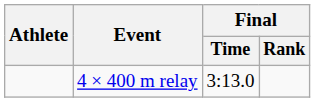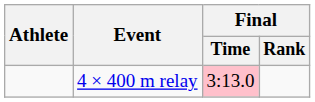 <table class="wikitable" style="font-size:90%">
 <tr>
 <th rowspan="2">Athlete</th>
 <th rowspan="2">Event</th>
 <th colspan="2">Final</th>
 </tr>
 <tr style="font-size:95%">
 <th>Time</th>
 <th>Rank</th>
 </tr>
 <tr align=center>
 <td align=left></td>
 <td align=left><a href='#'>4 × 400 m relay</a></td>
-<td>3:13.0</td>
+<td style="background: pink;">3:13.0</td>
 <td></td>
 </tr>
 </table>
